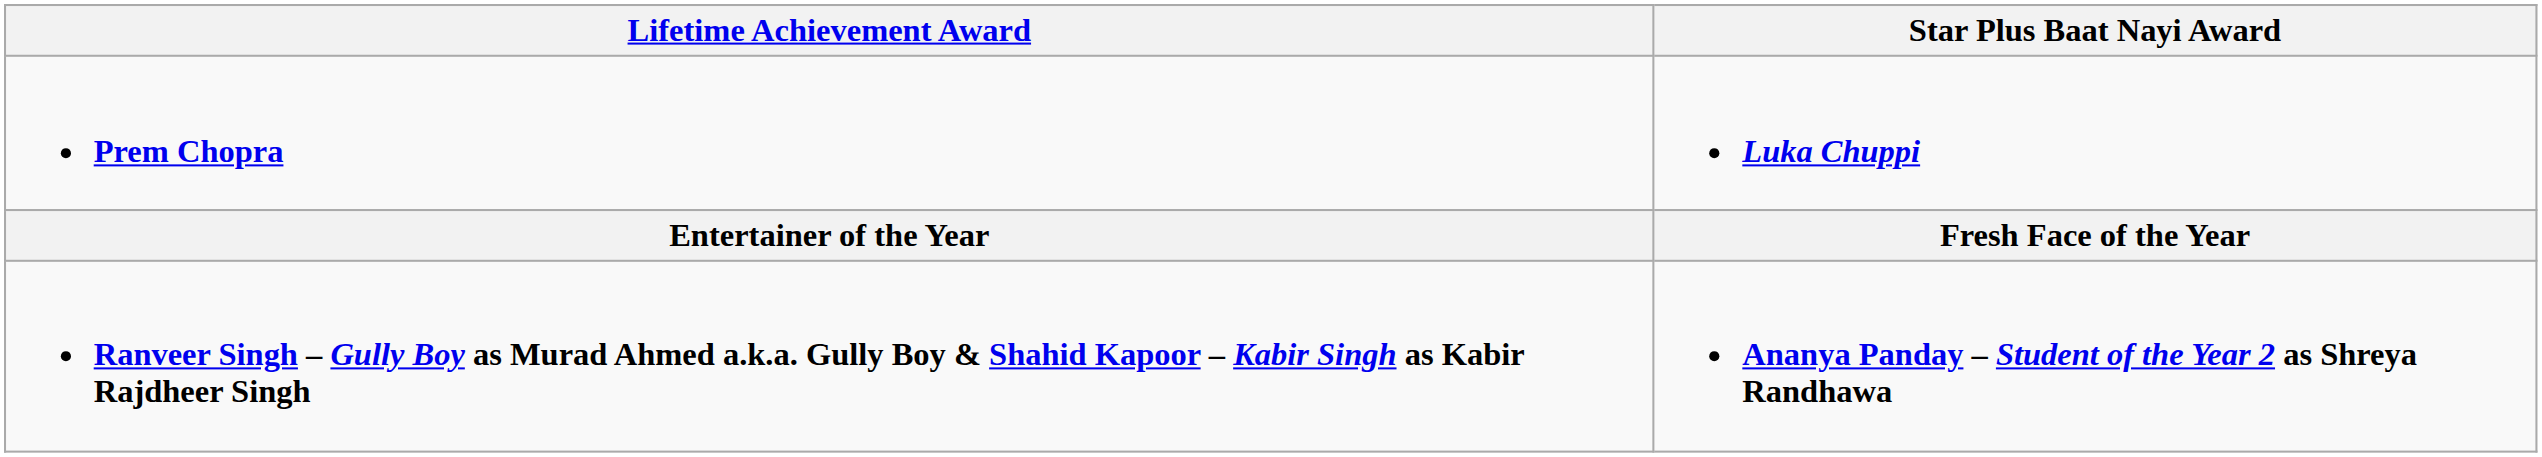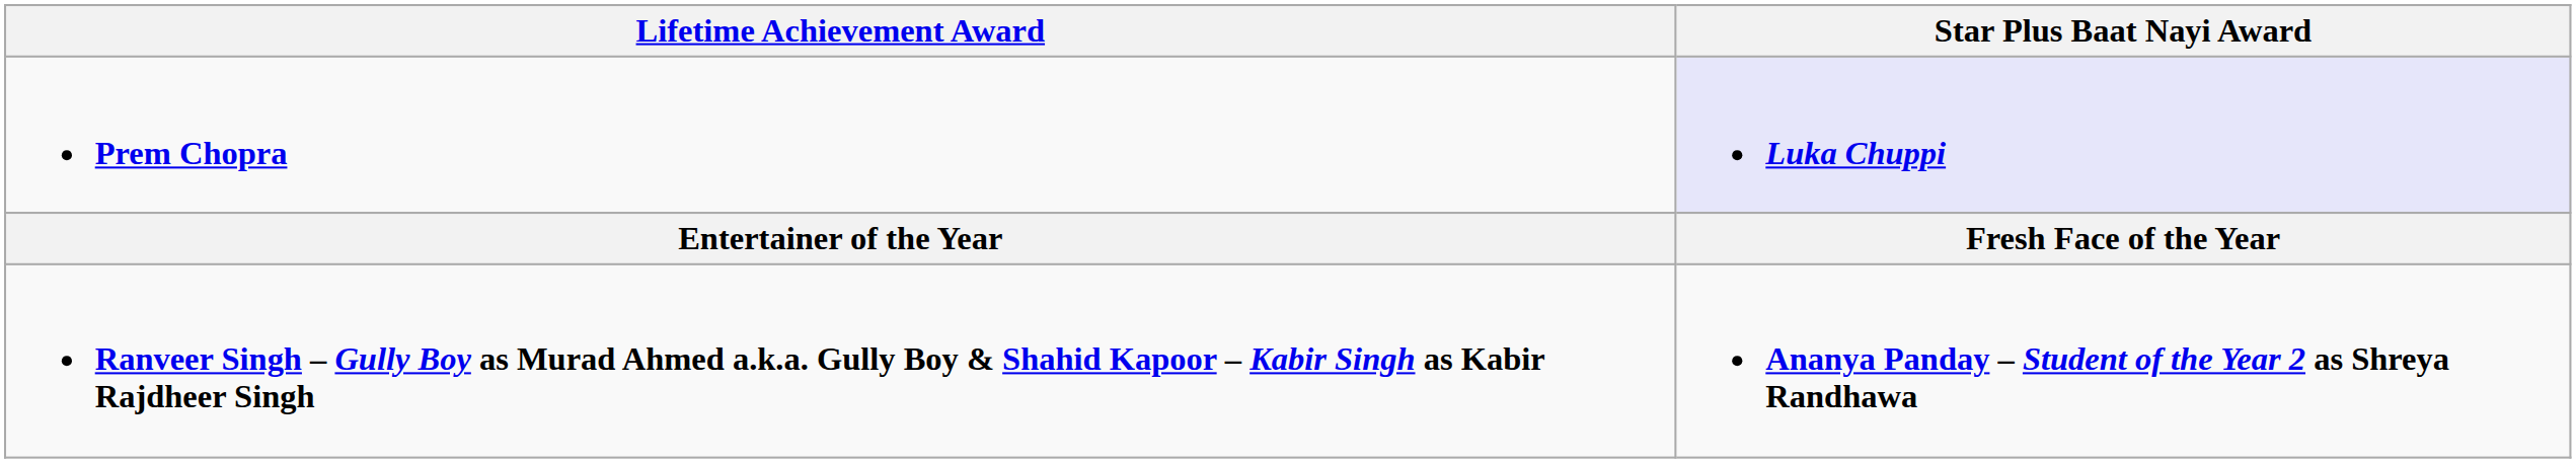 <table class="wikitable">
 <tr>
 <th><a href='#'>Lifetime Achievement Award</a></th>
 <th>Star Plus Baat Nayi Award</th>
 </tr>
 <tr>
 <td><br><ul><li><strong><a href='#'>Prem Chopra</a></strong></li></ul></td>
-<td><br><ul><li><strong><em><a href='#'>Luka Chuppi</a></em></strong></li></ul></td>
+<td style="background: lavender;"><br><ul><li><strong><em><a href='#'>Luka Chuppi</a></em></strong></li></ul></td>
 </tr>
 <tr>
 <th>Entertainer of the Year</th>
 <th>Fresh Face of the Year</th>
 </tr>
 <tr>
 <td valign="top"><br><ul><li><strong><a href='#'>Ranveer Singh</a> – <em><a href='#'>Gully Boy</a></em> as Murad Ahmed a.k.a. Gully Boy & <a href='#'>Shahid Kapoor</a> – <em><a href='#'>Kabir Singh</a></em> as Kabir Rajdheer Singh</strong></li></ul></td>
 <td valign="top"><br><ul><li><strong><a href='#'>Ananya Panday</a> – <em><a href='#'>Student of the Year 2</a></em> as Shreya Randhawa</strong></li></ul></td>
 </tr>
 </table>
